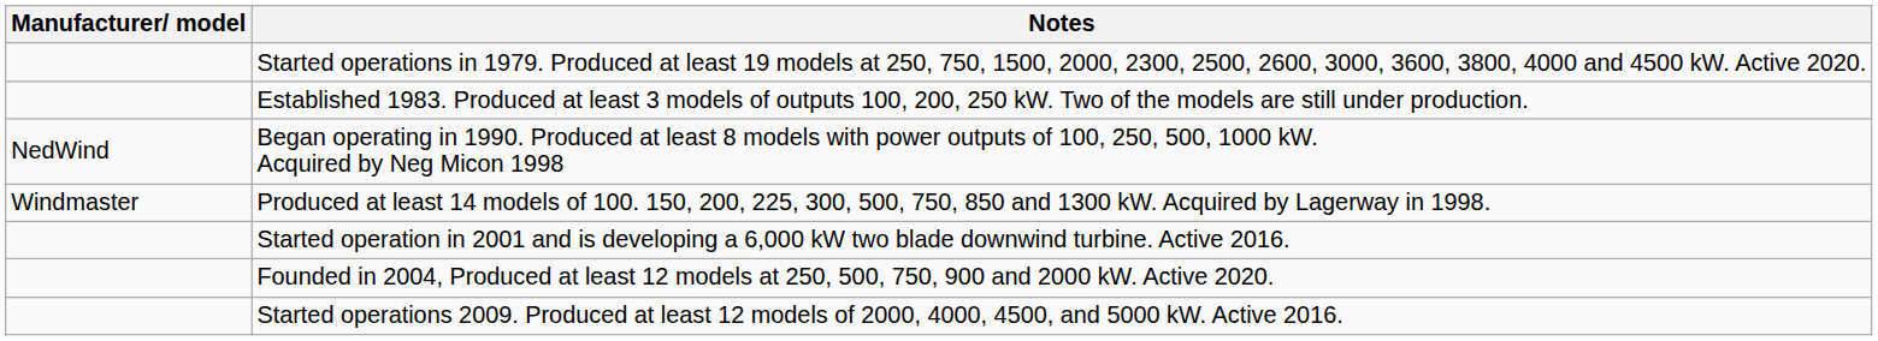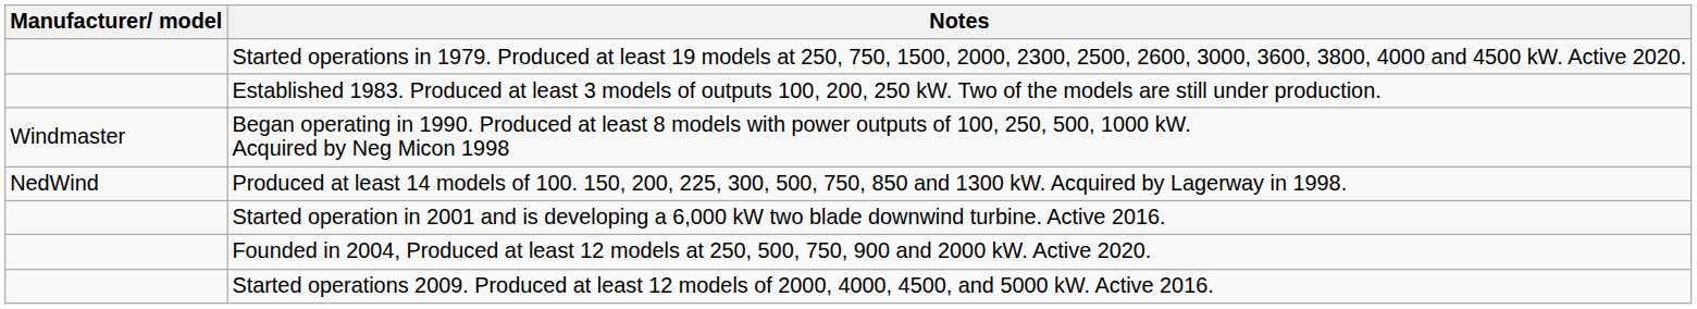 <table class="wikitable">
 <tr>
 <th>Manufacturer/ model</th>
 <th>Notes</th>
 </tr>
 <tr>
 <td></td>
 <td>Started operations in 1979. Produced at least 19 models at 250, 750, 1500, 2000, 2300, 2500, 2600, 3000, 3600, 3800, 4000 and 4500 kW. Active 2020.</td>
 </tr>
 <tr>
 <td></td>
 <td>Established 1983. Produced at least 3 models of outputs 100, 200, 250 kW. Two of the models are still under production.</td>
 </tr>
 <tr>
-<td>NedWind</td>
+<td>Windmaster</td>
 <td>Began operating in 1990.   Produced at least 8 models with power outputs of 100, 250, 500, 1000 kW.<br>Acquired by Neg Micon 1998</td>
 </tr>
 <tr>
-<td>Windmaster</td>
+<td>NedWind</td>
 <td>Produced at least 14 models of 100. 150, 200, 225, 300, 500, 750, 850 and 1300 kW. Acquired by Lagerway in 1998.</td>
 </tr>
 <tr>
 <td></td>
 <td>Started operation in 2001 and is developing a 6,000 kW two blade downwind turbine. Active 2016.</td>
 </tr>
 <tr>
 <td></td>
 <td>Founded in 2004, Produced at least 12 models at 250, 500, 750, 900 and 2000 kW. Active 2020.</td>
 </tr>
 <tr>
 <td></td>
 <td>Started operations 2009. Produced at least 12 models of 2000, 4000, 4500, and 5000 kW. Active 2016.</td>
 </tr>
 </table>
